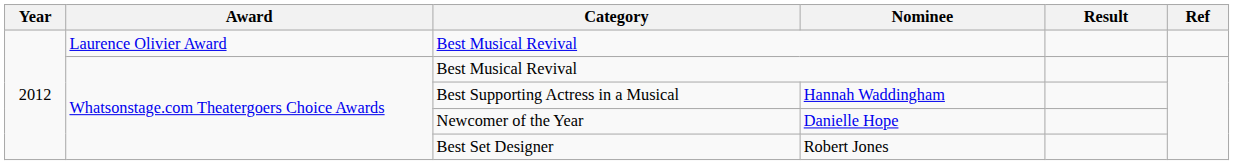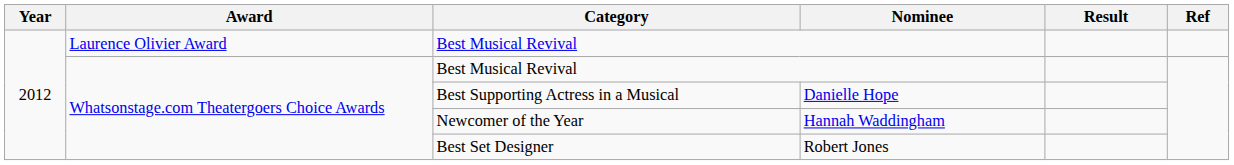 <table class="wikitable" style="width:95%;">
 <tr>
 <th style="width:5%;">Year</th>
 <th style="width:30%;">Award</th>
 <th style="width:30%;">Category</th>
 <th style="width:20%;">Nominee</th>
 <th style="width:10%;">Result</th>
 <th style="width:5%;">Ref</th>
 </tr>
 <tr>
 <td rowspan="5" style="text-align:center;">2012</td>
 <td><a href='#'>Laurence Olivier Award</a></td>
 <td colspan="2"><a href='#'>Best Musical Revival</a></td>
 <td></td>
 <td style="text-align:center;"></td>
 </tr>
 <tr>
 <td rowspan="4"><a href='#'>Whatsonstage.com Theatergoers Choice Awards</a></td>
 <td colspan="2">Best Musical Revival</td>
 <td></td>
 <td rowspan="4" style="text-align:center;"></td>
 </tr>
 <tr>
 <td>Best Supporting Actress in a Musical</td>
-<td><a href='#'>Hannah Waddingham</a></td>
+<td><a href='#'>Danielle Hope</a></td>
 <td></td>
 </tr>
 <tr>
 <td>Newcomer of the Year</td>
-<td><a href='#'>Danielle Hope</a></td>
+<td><a href='#'>Hannah Waddingham</a></td>
 <td></td>
 </tr>
 <tr>
 <td>Best Set Designer</td>
 <td>Robert Jones</td>
 <td></td>
 </tr>
 </table>
